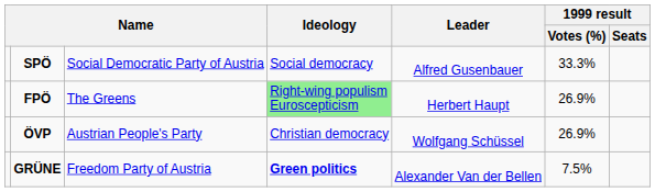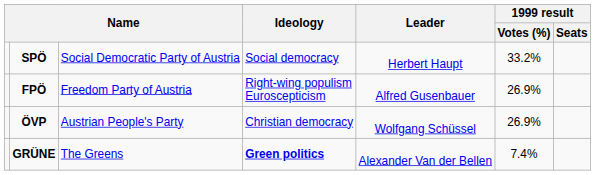 <table class="wikitable">
 <tr>
 <th rowspan="2" colspan="3">Name</th>
 <th rowspan="2">Ideology</th>
 <th rowspan="2">Leader</th>
 <th colspan="2">1999 result</th>
 </tr>
 <tr>
 <th>Votes (%)</th>
 <th>Seats</th>
 </tr>
 <tr>
 <td style="background:"></td>
 <td style="text-align:center;"><strong>SPÖ</strong></td>
 <td><a href='#'>Social Democratic Party of Austria</a><br></td>
 <td><a href='#'>Social democracy</a></td>
-<td align=center><br><a href='#'>Alfred Gusenbauer</a></td>
-<td style="text-align:center;">33.3%</td>
+<td align=center><br><a href='#'>Herbert Haupt</a></td>
+<td style="text-align:center;">33.2%</td>
 <td></td>
 </tr>
 <tr>
 <td style="background:"></td>
 <td style="text-align:center;"><strong>FPÖ</strong></td>
-<td><a href='#'>The Greens</a><br></td>
-<td style="background: lightgreen;"><a href='#'>Right-wing populism</a><br><a href='#'>Euroscepticism</a></td>
-<td align=center><br><a href='#'>Herbert Haupt</a></td>
+<td><a href='#'>Freedom Party of Austria</a><br></td>
+<td><a href='#'>Right-wing populism</a><br><a href='#'>Euroscepticism</a></td>
+<td align=center><br><a href='#'>Alfred Gusenbauer</a></td>
 <td style="text-align:center;">26.9%</td>
 <td></td>
 </tr>
 <tr>
 <td style="background:"></td>
 <td style="text-align:center;"><strong>ÖVP</strong></td>
 <td><a href='#'>Austrian People's Party</a><br></td>
 <td><a href='#'>Christian democracy</a></td>
 <td align=center><br><a href='#'>Wolfgang Schüssel</a></td>
 <td style="text-align:center;">26.9%</td>
 <td></td>
 </tr>
 <tr>
 <td style="background:"></td>
 <td style="text-align:center;"><strong>GRÜNE</strong></td>
-<td><a href='#'>Freedom Party of Austria</a><br></td>
+<td><a href='#'>The Greens</a><br></td>
 <td><strong><a href='#'>Green politics</a></strong></td>
 <td align=center><br><a href='#'>Alexander Van der Bellen</a></td>
-<td style="text-align:center;">7.5%</td>
+<td style="text-align:center;">7.4%</td>
 <td></td>
 </tr>
 </table>
